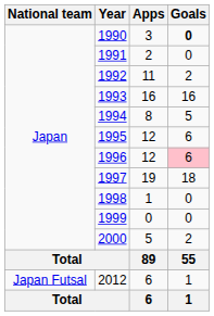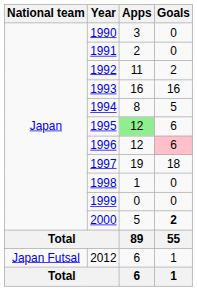 <table class="wikitable" style="text-align:center">
 <tr>
 <th>National team</th>
 <th>Year</th>
 <th>Apps</th>
 <th>Goals</th>
 </tr>
 <tr>
 <td rowspan="11"><a href='#'>Japan</a></td>
 <td><a href='#'>1990</a></td>
 <td>3</td>
-<td><strong>0</strong></td>
+<td>0</td>
 </tr>
 <tr>
 <td><a href='#'>1991</a></td>
 <td>2</td>
 <td>0</td>
 </tr>
 <tr>
 <td><a href='#'>1992</a></td>
 <td>11</td>
 <td>2</td>
 </tr>
 <tr>
 <td><a href='#'>1993</a></td>
 <td>16</td>
 <td>16</td>
 </tr>
 <tr>
 <td><a href='#'>1994</a></td>
 <td>8</td>
 <td>5</td>
 </tr>
 <tr>
 <td><a href='#'>1995</a></td>
-<td>12</td>
+<td style="background: lightgreen;">12</td>
 <td>6</td>
 </tr>
 <tr>
 <td><a href='#'>1996</a></td>
 <td>12</td>
 <td style="background: pink;">6</td>
 </tr>
 <tr>
 <td><a href='#'>1997</a></td>
 <td>19</td>
 <td>18</td>
 </tr>
 <tr>
 <td><a href='#'>1998</a></td>
 <td>1</td>
 <td>0</td>
 </tr>
 <tr>
 <td><a href='#'>1999</a></td>
 <td>0</td>
 <td>0</td>
 </tr>
 <tr>
 <td><a href='#'>2000</a></td>
 <td>5</td>
-<td>2</td>
+<td><strong>2</strong></td>
 </tr>
 <tr>
 <th colspan="2">Total</th>
 <th>89</th>
 <th>55</th>
 </tr>
 <tr>
 <td><a href='#'>Japan Futsal</a></td>
 <td>2012</td>
 <td>6</td>
 <td>1</td>
 </tr>
 <tr>
 <th colspan="2">Total</th>
 <th>6</th>
 <th>1</th>
 </tr>
 </table>
